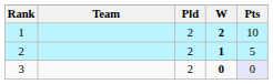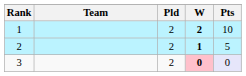 <table class="wikitable">
 <tr>
 </tr>
 <tr>
 <th style="width:35px">Rank</th>
 <th style="width:180px">Team</th>
 <th style="width:35px">Pld</th>
 <th style="width:35px">W</th>
 <th style="width:35px">Pts</th>
 </tr>
 <tr bgcolor=#BBF3FF>
 <td align=center>1</td>
 <td></td>
 <td align=center>2</td>
 <td align=center><strong>2</strong></td>
 <td align=center>10</td>
 </tr>
 <tr bgcolor=#BBF3FF>
 <td align=center>2</td>
 <td></td>
 <td align=center>2</td>
 <td align=center><strong>1</strong></td>
 <td align=center>5</td>
 </tr>
 <tr>
 <td align=center>3</td>
 <td></td>
 <td align=center>2</td>
-<td align=center><strong>0</strong></td>
+<td align=center style="background: pink;"><strong>0</strong></td>
 <td align=center style="background: lavender;">0</td>
 </tr>
 </table>
